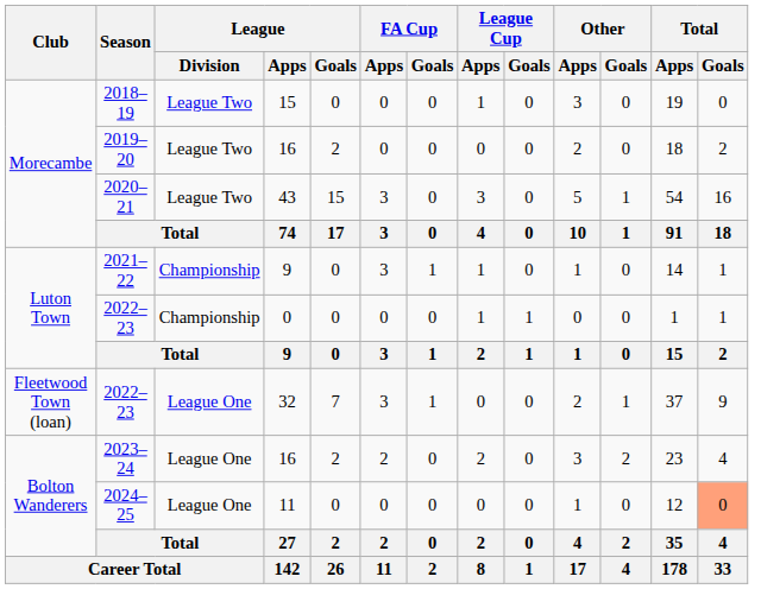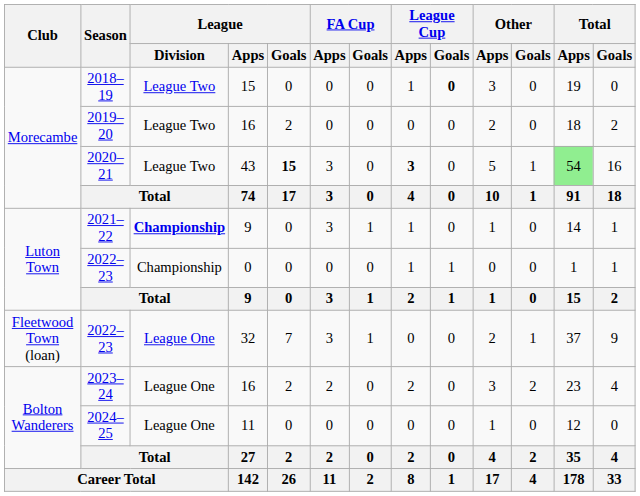 <table class="wikitable" style="text-align: center">
 <tr>
 <th rowspan="2">Club</th>
 <th rowspan="2">Season</th>
 <th colspan="3">League</th>
 <th colspan="2"><a href='#'>FA Cup</a></th>
 <th colspan="2"><a href='#'>League Cup</a></th>
 <th colspan="2">Other</th>
 <th colspan="2">Total</th>
 </tr>
 <tr>
 <th>Division</th>
 <th>Apps</th>
 <th>Goals</th>
 <th>Apps</th>
 <th>Goals</th>
 <th>Apps</th>
 <th>Goals</th>
 <th>Apps</th>
 <th>Goals</th>
 <th>Apps</th>
 <th>Goals</th>
 </tr>
 <tr>
 <td rowspan=4><a href='#'>Morecambe</a></td>
 <td><a href='#'>2018–19</a></td>
 <td><a href='#'>League Two</a></td>
 <td>15</td>
 <td>0</td>
 <td>0</td>
 <td>0</td>
 <td>1</td>
-<td>0</td>
+<td><strong>0</strong></td>
 <td>3</td>
 <td>0</td>
 <td>19</td>
 <td>0</td>
 </tr>
 <tr>
 <td><a href='#'>2019–20</a></td>
 <td>League Two</td>
 <td>16</td>
 <td>2</td>
 <td>0</td>
 <td>0</td>
 <td>0</td>
 <td>0</td>
 <td>2</td>
 <td>0</td>
 <td>18</td>
 <td>2</td>
 </tr>
 <tr>
 <td><a href='#'>2020–21</a></td>
 <td>League Two</td>
 <td>43</td>
-<td>15</td>
+<td><strong>15</strong></td>
 <td>3</td>
 <td>0</td>
-<td>3</td>
+<td><strong>3</strong></td>
 <td>0</td>
 <td>5</td>
 <td>1</td>
-<td>54</td>
+<td style="background: lightgreen;">54</td>
 <td>16</td>
 </tr>
 <tr>
 <th colspan="2">Total</th>
 <th>74</th>
 <th>17</th>
 <th>3</th>
 <th>0</th>
 <th>4</th>
 <th>0</th>
 <th>10</th>
 <th>1</th>
 <th>91</th>
 <th>18</th>
 </tr>
 <tr>
 <td rowspan="3"><a href='#'>Luton Town</a></td>
 <td><a href='#'>2021–22</a></td>
-<td><a href='#'>Championship</a></td>
+<td><strong><a href='#'>Championship</a></strong></td>
 <td>9</td>
 <td>0</td>
 <td>3</td>
 <td>1</td>
 <td>1</td>
 <td>0</td>
 <td>1</td>
 <td>0</td>
 <td>14</td>
 <td>1</td>
 </tr>
 <tr>
 <td><a href='#'>2022–23</a></td>
 <td>Championship</td>
 <td>0</td>
 <td>0</td>
 <td>0</td>
 <td>0</td>
 <td>1</td>
 <td>1</td>
 <td>0</td>
 <td>0</td>
 <td>1</td>
 <td>1</td>
 </tr>
 <tr>
 <th colspan="2">Total</th>
 <th>9</th>
 <th>0</th>
 <th>3</th>
 <th>1</th>
 <th>2</th>
 <th>1</th>
 <th>1</th>
 <th>0</th>
 <th>15</th>
 <th>2</th>
 </tr>
 <tr>
 <td><a href='#'>Fleetwood Town</a> (loan)</td>
 <td><a href='#'>2022–23</a></td>
 <td><a href='#'>League One</a></td>
 <td>32</td>
 <td>7</td>
 <td>3</td>
 <td>1</td>
 <td>0</td>
 <td>0</td>
 <td>2</td>
 <td>1</td>
 <td>37</td>
 <td>9</td>
 </tr>
 <tr>
 <td rowspan=3><a href='#'>Bolton Wanderers</a></td>
 <td><a href='#'>2023–24</a></td>
 <td>League One</td>
 <td>16</td>
 <td>2</td>
 <td>2</td>
 <td>0</td>
 <td>2</td>
 <td>0</td>
 <td>3</td>
 <td>2</td>
 <td>23</td>
 <td>4</td>
 </tr>
 <tr>
 <td><a href='#'>2024–25</a></td>
 <td>League One</td>
 <td>11</td>
 <td>0</td>
 <td>0</td>
 <td>0</td>
 <td>0</td>
 <td>0</td>
 <td>1</td>
 <td>0</td>
 <td>12</td>
-<td style="background: lightsalmon;">0</td>
+<td>0</td>
 </tr>
 <tr>
 <th colspan="2">Total</th>
 <th>27</th>
 <th>2</th>
 <th>2</th>
 <th>0</th>
 <th>2</th>
 <th>0</th>
 <th>4</th>
 <th>2</th>
 <th>35</th>
 <th>4</th>
 </tr>
 <tr>
 <th colspan="3">Career Total</th>
 <th>142</th>
 <th>26</th>
 <th>11</th>
 <th>2</th>
 <th>8</th>
 <th>1</th>
 <th>17</th>
 <th>4</th>
 <th>178</th>
 <th>33</th>
 </tr>
 </table>
